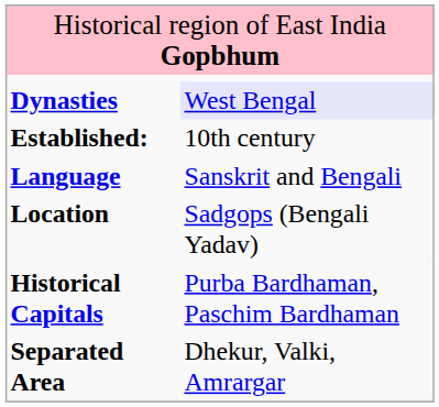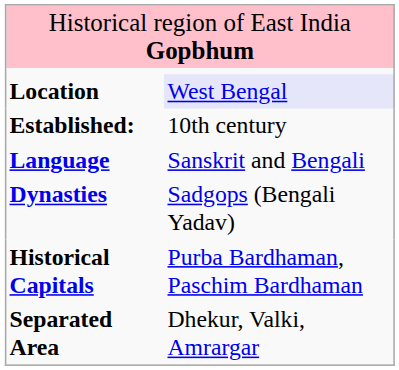 <table class="infobox"  cellpadding="2" cellspacing="2" style="width:250px; border-collapse:collapse; font-size:95%;">
 <tr>
 <td colspan="2" style="margin-left:inherit; background:pink; text-align:center; font-size:medium;">Historical region of East India<br><strong>Gopbhum</strong></td>
 </tr>
 <tr style="text-align:center;">
 <td colspan="2"><div> </div></td>
 </tr>
 <tr style="vertical-align: top;">
-<td><strong><a href='#'>Dynasties</a></strong></td>
+<td><strong>Location</strong></td>
 <td style="background: lavender;"><a href='#'>West Bengal</a></td>
 </tr>
 <tr style="vertical-align: top;">
 <td><strong>Established:</strong></td>
 <td>10th century</td>
 </tr>
 <tr style="vertical-align: top;">
 <td><strong><a href='#'>Language</a></strong></td>
 <td><a href='#'>Sanskrit</a> and <a href='#'>Bengali</a></td>
 </tr>
 <tr style="vertical-align: top;">
-<td><strong>Location</strong></td>
+<td><strong><a href='#'>Dynasties</a></strong></td>
 <td><a href='#'>Sadgops</a> (Bengali Yadav)</td>
 </tr>
 <tr style="vertical-align: top;">
 <td><strong>Historical <a href='#'>Capitals</a></strong></td>
 <td><a href='#'>Purba Bardhaman</a>, <a href='#'>Paschim Bardhaman</a></td>
 </tr>
 <tr style="vertical-align: top;">
 <td><strong>Separated Area</strong></td>
 <td>Dhekur, Valki, <a href='#'>Amrargar</a></td>
 </tr>
 <tr style="vertical-align: top;">
 </tr>
 </table>
